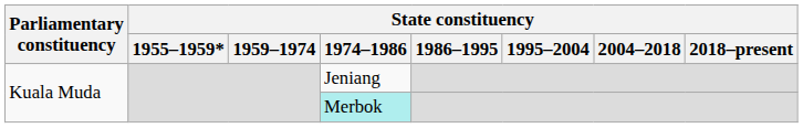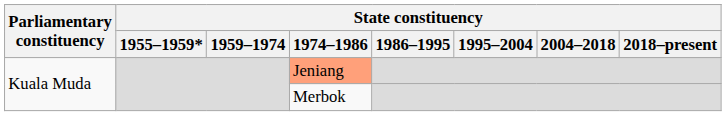 <table class="wikitable">
 <tr>
 <th rowspan="2">Parliamentary<br>constituency</th>
 <th colspan="7">State constituency</th>
 </tr>
 <tr>
 <th>1955–1959*</th>
 <th>1959–1974</th>
 <th>1974–1986</th>
 <th>1986–1995</th>
 <th>1995–2004</th>
 <th>2004–2018</th>
 <th>2018–present</th>
 </tr>
 <tr>
 <td rowspan="2">Kuala Muda</td>
 <td colspan="2" rowspan="2" bgcolor="dcdcdc"></td>
-<td>Jeniang</td>
+<td style="background: lightsalmon;">Jeniang</td>
 <td colspan="4" bgcolor="dcdcdc"></td>
 </tr>
 <tr>
-<td style="background: paleturquoise;">Merbok</td>
+<td>Merbok</td>
 <td colspan="4" bgcolor="dcdcdc"></td>
 </tr>
 </table>
